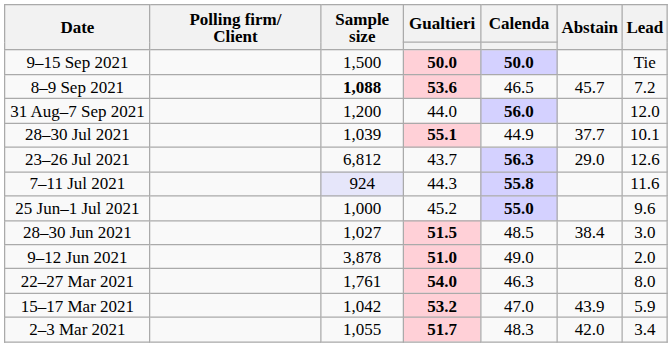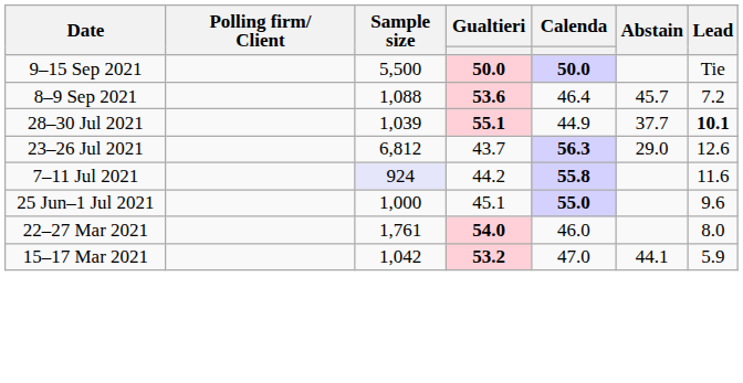 <table class=wikitable style="text-align:center;font-size:85%;line-height:13px">
 <tr style="height:30px; background-color:#E9E9E9">
 <th style="width:110px;" rowspan="2">Date</th>
 <th style="width:130px;" rowspan="2">Polling firm/<br>Client</th>
 <th style="width:60px;" rowspan="2">Sample size</th>
 <th style="width:55px;">Gualtieri</th>
 <th style="width:55px;">Calenda</th>
 <th style="width:30px;" rowspan="2">Abstain</th>
 <th style="width:30px;" rowspan="2">Lead</th>
 </tr>
 <tr>
 <th style="color:inherit;background:"></th>
 <th style="color:inherit;background:"></th>
 </tr>
 <tr>
 <td>9–15 Sep 2021</td>
 <td></td>
-<td>1,500</td>
+<td>5,500</td>
 <td style="background:#FFD0D7"><strong>50.0</strong></td>
 <td style="background:#D4D1FF"><strong>50.0</strong></td>
 <td></td>
 <td>Tie</td>
 </tr>
 <tr>
 <td>8–9 Sep 2021</td>
 <td></td>
-<td><strong>1,088</strong></td>
+<td>1,088</td>
 <td style="background:#FFD0D7"><strong>53.6</strong></td>
-<td>46.5</td>
+<td>46.4</td>
 <td>45.7</td>
 <td style="background:">7.2</td>
-</tr>
-<tr>
-<td>31 Aug–7 Sep 2021</td>
-<td></td>
-<td>1,200</td>
-<td>44.0</td>
-<td style="background:#D4D1FF"><strong>56.0</strong></td>
-<td></td>
-<td style="background:">12.0</td>
 </tr>
 <tr>
 <td>28–30 Jul 2021</td>
 <td></td>
 <td>1,039</td>
 <td style="background:#FFD0D7"><strong>55.1</strong></td>
 <td>44.9</td>
 <td>37.7</td>
-<td style="background:">10.1</td>
+<td style="background:"><strong>10.1</strong></td>
 </tr>
 <tr>
 <td>23–26 Jul 2021</td>
 <td></td>
 <td>6,812</td>
 <td>43.7</td>
 <td style="background:#D4D1FF"><strong>56.3</strong></td>
 <td>29.0</td>
 <td style="background:">12.6</td>
 </tr>
 <tr>
 <td>7–11 Jul 2021</td>
 <td></td>
 <td style="background: lavender;">924</td>
-<td>44.3</td>
+<td>44.2</td>
 <td style="background:#D4D1FF"><strong>55.8</strong></td>
 <td></td>
 <td style="background:">11.6</td>
 </tr>
 <tr>
 <td>25 Jun–1 Jul 2021</td>
 <td></td>
 <td>1,000</td>
-<td>45.2</td>
+<td>45.1</td>
 <td style="background:#D4D1FF"><strong>55.0</strong></td>
 <td></td>
 <td style="background:">9.6</td>
-</tr>
-<tr>
-<td>28–30 Jun 2021</td>
-<td></td>
-<td>1,027</td>
-<td style="background:#FFD0D7"><strong>51.5</strong></td>
-<td>48.5</td>
-<td>38.4</td>
-<td style="background:">3.0</td>
-</tr>
-<tr>
-<td>9–12 Jun 2021</td>
-<td></td>
-<td>3,878</td>
-<td style="background:#FFD0D7"><strong>51.0</strong></td>
-<td>49.0</td>
-<td></td>
-<td style="background:">2.0</td>
 </tr>
 <tr>
 <td>22–27 Mar 2021</td>
 <td></td>
 <td>1,761</td>
 <td style="background:#FFD0D7"><strong>54.0</strong></td>
-<td>46.3</td>
+<td>46.0</td>
 <td></td>
 <td style="background:">8.0</td>
 </tr>
 <tr>
 <td>15–17 Mar 2021</td>
 <td></td>
 <td>1,042</td>
 <td style="background:#FFD0D7"><strong>53.2</strong></td>
 <td>47.0</td>
-<td>43.9</td>
+<td>44.1</td>
 <td style="background:">5.9</td>
 </tr>
-<tr>
-<td>2–3 Mar 2021</td>
-<td></td>
-<td>1,055</td>
-<td style="background:#FFD0D7"><strong>51.7</strong></td>
-<td>48.3</td>
-<td>42.0</td>
-<td style="background:">3.4</td>
-</tr>
 </table>
